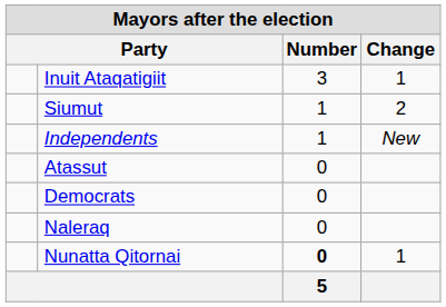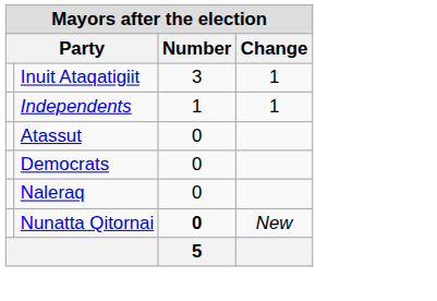 <table class="wikitable" style="margin-left:1em;">
 <tr>
 <td colspan="4" style="background:#dddddd; text-align:center;"><strong>Mayors after the election</strong></td>
 </tr>
 <tr>
 <th colspan="2">Party</th>
 <th style="width:60px;">Number</th>
 <th style="width:60px;">Change</th>
 </tr>
 <tr>
 <td style="background:"></td>
 <td style="padding-left:5px;"><a href='#'>Inuit Ataqatigiit</a></td>
 <td style="text-align:center;">3</td>
 <td style="text-align:center;"> 1</td>
 </tr>
 <tr>
-<td style="width:20px; background:"></td>
-<td style="width:200px; padding-left:5px;"><a href='#'>Siumut</a></td>
-<td style="text-align:center;">1</td>
-<td style="text-align:center;"> 2</td>
-</tr>
-<tr>
 <td style="background:"></td>
 <td style="padding-left:5px;"><em><a href='#'>Independents</a></em></td>
 <td style="text-align:center;">1</td>
-<td style="text-align:center;"><em>New</em></td>
+<td style="text-align:center;"> 1</td>
 </tr>
 <tr>
 <td style="background:"></td>
 <td style="padding-left:5px;"><a href='#'>Atassut</a></td>
 <td style="text-align:center;">0</td>
 <td style="text-align:center;"></td>
 </tr>
 <tr>
 <td style="background:"></td>
 <td style="padding-left:5px;"><a href='#'>Democrats</a></td>
 <td style="text-align:center;">0</td>
 <td style="text-align:center;"></td>
 </tr>
 <tr>
 <td style="background:"></td>
 <td style="padding-left:5px;"><a href='#'>Naleraq</a></td>
 <td style="text-align:center;">0</td>
 <td style="text-align:center;"></td>
 </tr>
 <tr>
 <td style="background:"></td>
 <td style="padding-left:5px;"><a href='#'>Nunatta Qitornai</a></td>
 <td style="text-align:center;"><strong>0</strong></td>
-<td style="text-align:center;"> 1</td>
+<td style="text-align:center;"><em>New</em></td>
 </tr>
 <tr>
 <th colspan="2"></th>
 <th>5</th>
 <th></th>
 </tr>
 </table>
